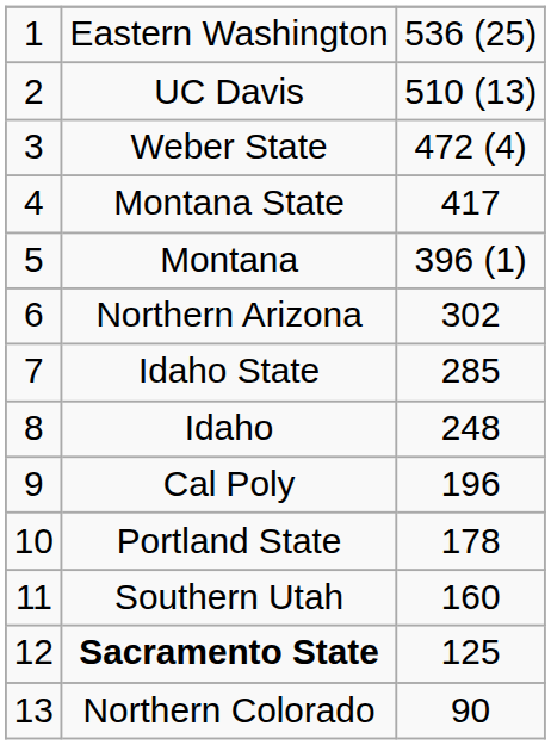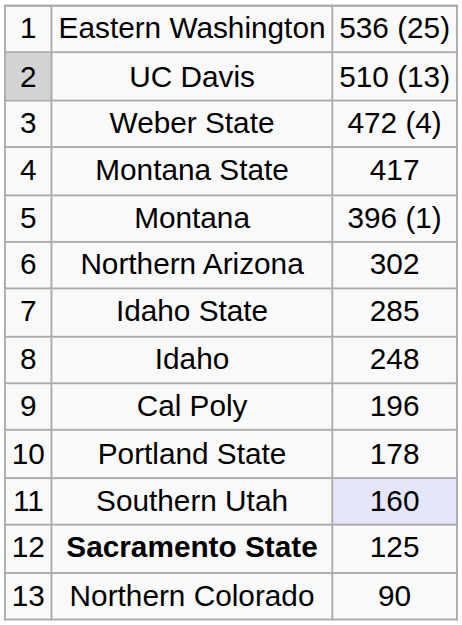 <table class="wikitable" style="display: inline-table;">
 <tr align="center">
 </tr>
 <tr align="center">
 <td>1</td>
 <td>Eastern Washington</td>
 <td>536 (25)</td>
 </tr>
 <tr align="center">
-<td>2</td>
+<td style="background: lightgrey;">2</td>
 <td>UC Davis</td>
 <td>510 (13)</td>
 </tr>
 <tr align="center">
 <td>3</td>
 <td>Weber State</td>
 <td>472 (4)</td>
 </tr>
 <tr align="center">
 <td>4</td>
 <td>Montana State</td>
 <td>417</td>
 </tr>
 <tr align="center">
 <td>5</td>
 <td>Montana</td>
 <td>396 (1)</td>
 </tr>
 <tr align="center">
 <td>6</td>
 <td>Northern Arizona</td>
 <td>302</td>
 </tr>
 <tr align="center">
 <td>7</td>
 <td>Idaho State</td>
 <td>285</td>
 </tr>
 <tr align="center">
 <td>8</td>
 <td>Idaho</td>
 <td>248</td>
 </tr>
 <tr align="center">
 <td>9</td>
 <td>Cal Poly</td>
 <td>196</td>
 </tr>
 <tr align="center">
 <td>10</td>
 <td>Portland State</td>
 <td>178</td>
 </tr>
 <tr align="center">
 <td>11</td>
 <td>Southern Utah</td>
-<td>160</td>
+<td style="background: lavender;">160</td>
 </tr>
 <tr align="center">
 <td>12</td>
 <td><strong>Sacramento State</strong></td>
 <td>125</td>
 </tr>
 <tr align="center">
 <td>13</td>
 <td>Northern Colorado</td>
 <td>90</td>
 </tr>
 </table>
